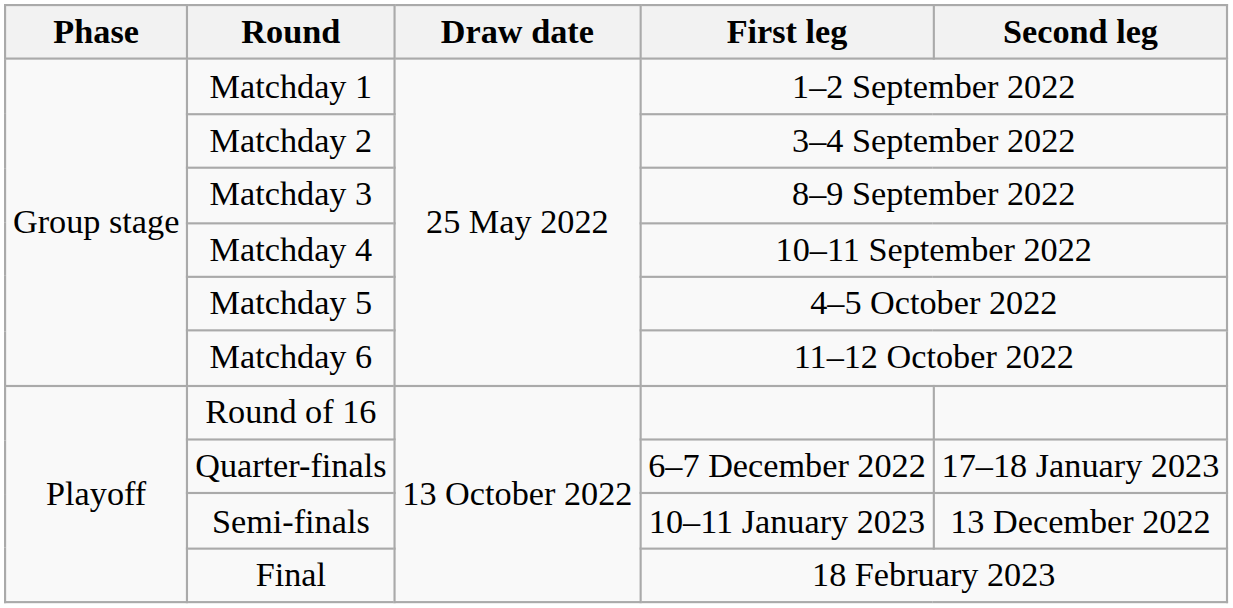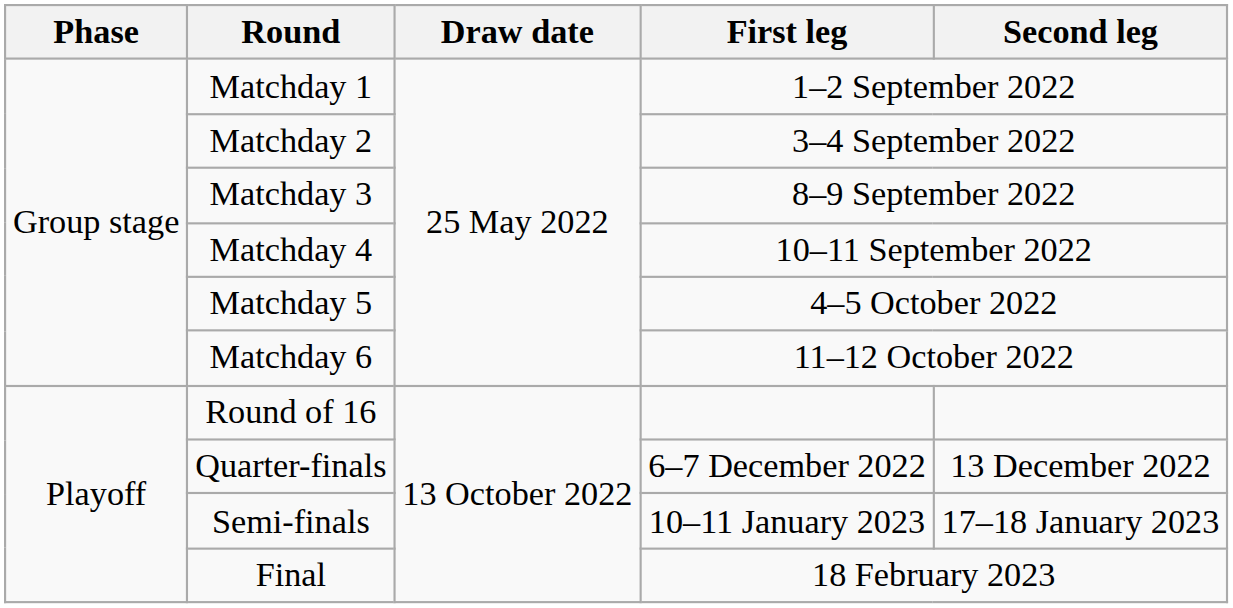 <table class="wikitable" style="text-align:center">
 <tr>
 <th>Phase</th>
 <th>Round</th>
 <th>Draw date</th>
 <th>First leg</th>
 <th>Second leg</th>
 </tr>
 <tr>
 <td rowspan=6>Group stage</td>
 <td>Matchday 1</td>
 <td rowspan=6>25 May 2022</td>
 <td colspan=2>1–2 September 2022</td>
 </tr>
 <tr>
 <td>Matchday 2</td>
 <td colspan=2>3–4 September 2022</td>
 </tr>
 <tr>
 <td>Matchday 3</td>
 <td colspan=2>8–9 September 2022</td>
 </tr>
 <tr>
 <td>Matchday 4</td>
 <td colspan=2>10–11 September 2022</td>
 </tr>
 <tr>
 <td>Matchday 5</td>
 <td colspan=2>4–5 October 2022</td>
 </tr>
 <tr>
 <td>Matchday 6</td>
 <td colspan=2>11–12 October 2022</td>
 </tr>
 <tr>
 <td rowspan=4>Playoff</td>
 <td>Round of 16</td>
 <td rowspan=4>13 October 2022</td>
 <td></td>
 <td></td>
 </tr>
 <tr>
 <td>Quarter-finals</td>
 <td>6–7 December 2022</td>
-<td>17–18 January 2023</td>
+<td>13 December 2022</td>
 </tr>
 <tr>
 <td>Semi-finals</td>
 <td>10–11 January 2023</td>
-<td>13 December 2022</td>
+<td>17–18 January 2023</td>
 </tr>
 <tr>
 <td>Final</td>
 <td colspan=2>18 February 2023</td>
 </tr>
 </table>
